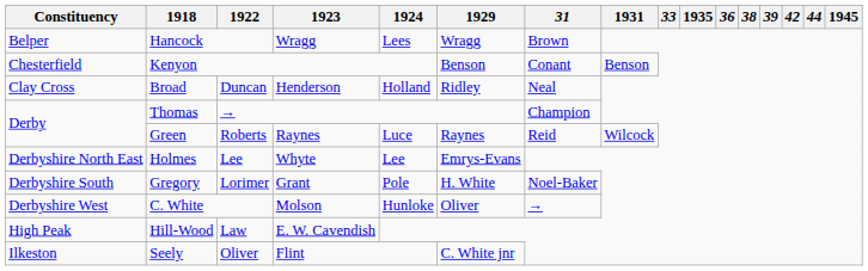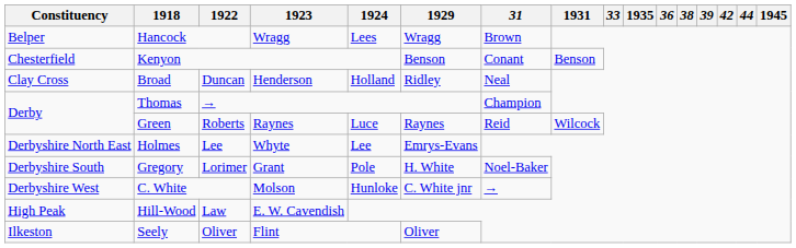 <table class="wikitable">
 <tr>
 <th>Constituency</th>
 <th>1918</th>
 <th>1922</th>
 <th>1923</th>
 <th>1924</th>
 <th>1929</th>
 <th><em>31</em></th>
 <th>1931</th>
 <th><em>33</em></th>
 <th>1935</th>
 <th><em>36</em></th>
 <th><em>38</em></th>
 <th><em>39</em></th>
 <th><em>42</em></th>
 <th><em>44</em></th>
 <th>1945</th>
 </tr>
 <tr>
 <td><a href='#'>Belper</a></td>
 <td colspan="2"><a href='#'>Hancock</a></td>
 <td><a href='#'>Wragg</a></td>
 <td><a href='#'>Lees</a></td>
 <td><a href='#'>Wragg</a></td>
 <td><a href='#'>Brown</a></td>
 </tr>
 <tr>
 <td><a href='#'>Chesterfield</a></td>
 <td colspan="4"><a href='#'>Kenyon</a></td>
 <td><a href='#'>Benson</a></td>
 <td><a href='#'>Conant</a></td>
 <td><a href='#'>Benson</a></td>
 </tr>
 <tr>
 <td><a href='#'>Clay Cross</a></td>
 <td><a href='#'>Broad</a></td>
 <td><a href='#'>Duncan</a></td>
 <td><a href='#'>Henderson</a></td>
 <td><a href='#'>Holland</a></td>
 <td><a href='#'>Ridley</a></td>
 <td><a href='#'>Neal</a></td>
 </tr>
 <tr>
 <td rowspan="2"><a href='#'>Derby</a></td>
 <td><a href='#'>Thomas</a></td>
 <td colspan="4"><a href='#'>→</a></td>
 <td><a href='#'>Champion</a></td>
 </tr>
 <tr>
 <td><a href='#'>Green</a></td>
 <td><a href='#'>Roberts</a></td>
 <td><a href='#'>Raynes</a></td>
 <td><a href='#'>Luce</a></td>
 <td><a href='#'>Raynes</a></td>
 <td><a href='#'>Reid</a></td>
 <td><a href='#'>Wilcock</a></td>
 </tr>
 <tr>
 <td><a href='#'>Derbyshire North East</a></td>
 <td><a href='#'>Holmes</a></td>
 <td><a href='#'>Lee</a></td>
 <td><a href='#'>Whyte</a></td>
 <td><a href='#'>Lee</a></td>
 <td><a href='#'>Emrys-Evans</a></td>
 </tr>
 <tr>
 <td><a href='#'>Derbyshire South</a></td>
 <td><a href='#'>Gregory</a></td>
 <td><a href='#'>Lorimer</a></td>
 <td><a href='#'>Grant</a></td>
 <td><a href='#'>Pole</a></td>
 <td><a href='#'>H. White</a></td>
 <td><a href='#'>Noel-Baker</a></td>
 </tr>
 <tr>
 <td><a href='#'>Derbyshire West</a></td>
 <td colspan="2"><a href='#'>C. White</a></td>
 <td><a href='#'>Molson</a></td>
 <td><a href='#'>Hunloke</a></td>
-<td><a href='#'>Oliver</a></td>
+<td><a href='#'>C. White jnr</a></td>
 <td><a href='#'>→</a></td>
 </tr>
 <tr>
 <td><a href='#'>High Peak</a></td>
 <td><a href='#'>Hill-Wood</a></td>
 <td><a href='#'>Law</a></td>
 <td><a href='#'>E. W. Cavendish</a></td>
 </tr>
 <tr>
 <td><a href='#'>Ilkeston</a></td>
 <td><a href='#'>Seely</a></td>
 <td><a href='#'>Oliver</a></td>
 <td colspan="2"><a href='#'>Flint</a></td>
-<td><a href='#'>C. White jnr</a></td>
+<td><a href='#'>Oliver</a></td>
 </tr>
 </table>
